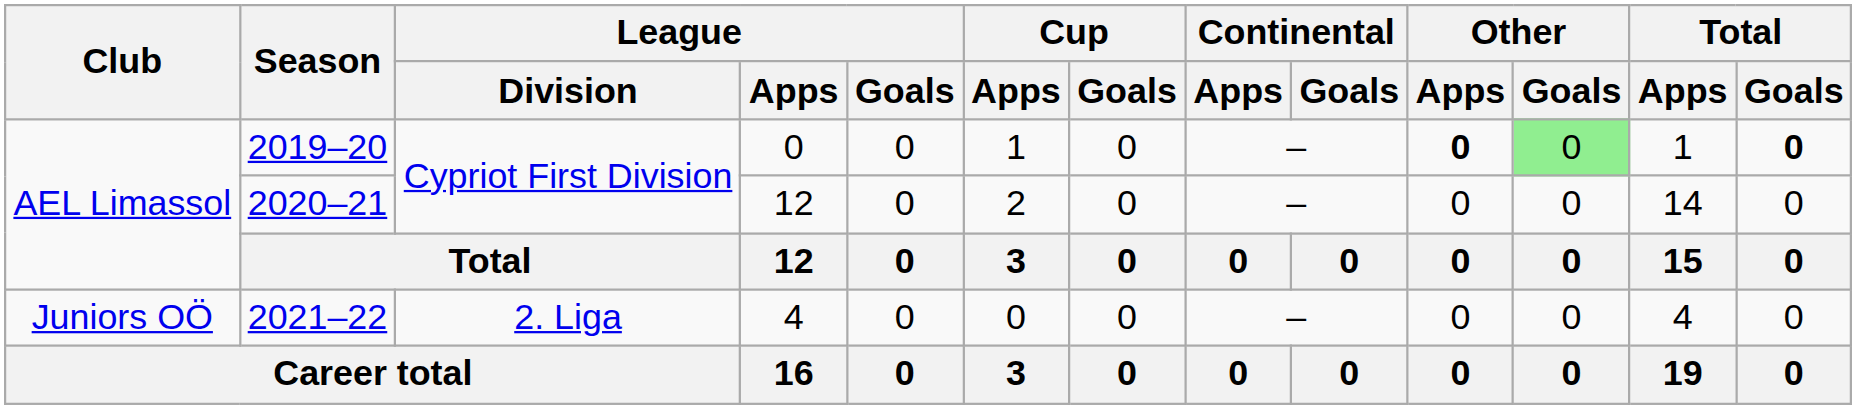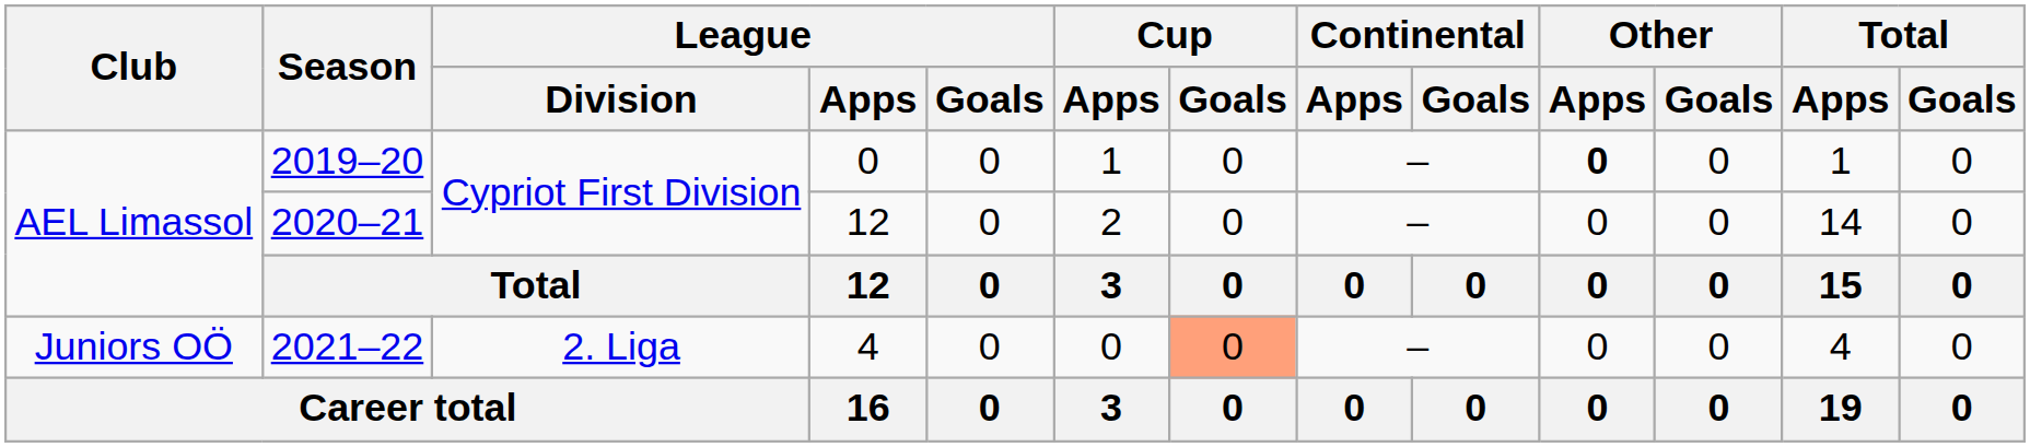 <table class="wikitable" style="text-align: center">
 <tr>
 <th rowspan="2">Club</th>
 <th rowspan="2">Season</th>
 <th colspan="3">League</th>
 <th colspan="2">Cup</th>
 <th colspan="2">Continental</th>
 <th colspan="2">Other</th>
 <th colspan="2">Total</th>
 </tr>
 <tr>
 <th>Division</th>
 <th>Apps</th>
 <th>Goals</th>
 <th>Apps</th>
 <th>Goals</th>
 <th>Apps</th>
 <th>Goals</th>
 <th>Apps</th>
 <th>Goals</th>
 <th>Apps</th>
 <th>Goals</th>
 </tr>
 <tr>
 <td rowspan="3"><a href='#'>AEL Limassol</a></td>
 <td><a href='#'>2019–20</a></td>
 <td rowspan="2"><a href='#'>Cypriot First Division</a></td>
 <td>0</td>
 <td>0</td>
 <td>1</td>
 <td>0</td>
 <td colspan="2">–</td>
 <td><strong>0</strong></td>
-<td style="background: lightgreen;">0</td>
+<td>0</td>
 <td>1</td>
-<td><strong>0</strong></td>
+<td>0</td>
 </tr>
 <tr>
 <td><a href='#'>2020–21</a></td>
 <td>12</td>
 <td>0</td>
 <td>2</td>
 <td>0</td>
 <td colspan="2">–</td>
 <td>0</td>
 <td>0</td>
 <td>14</td>
 <td>0</td>
 </tr>
 <tr>
 <th colspan=2>Total</th>
 <th>12</th>
 <th>0</th>
 <th>3</th>
 <th>0</th>
 <th>0</th>
 <th>0</th>
 <th>0</th>
 <th>0</th>
 <th>15</th>
 <th>0</th>
 </tr>
 <tr>
 <td><a href='#'>Juniors OÖ</a></td>
 <td><a href='#'>2021–22</a></td>
 <td><a href='#'>2. Liga</a></td>
 <td>4</td>
 <td>0</td>
 <td>0</td>
-<td>0</td>
+<td style="background: lightsalmon;">0</td>
 <td colspan="2">–</td>
 <td>0</td>
 <td>0</td>
 <td>4</td>
 <td>0</td>
 </tr>
 <tr>
 <th colspan=3>Career total</th>
 <th>16</th>
 <th>0</th>
 <th>3</th>
 <th>0</th>
 <th>0</th>
 <th>0</th>
 <th>0</th>
 <th>0</th>
 <th>19</th>
 <th>0</th>
 </tr>
 </table>
